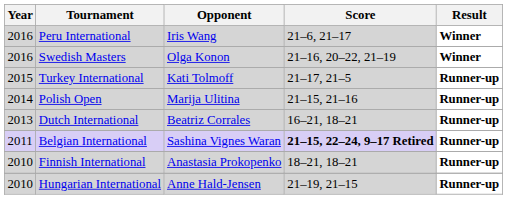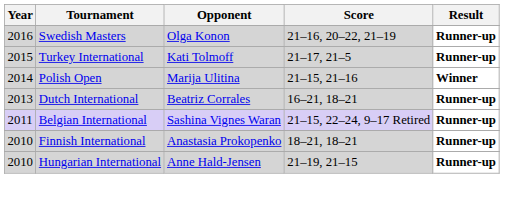 <table class="sortable wikitable" style="font-size: 95%;">
 <tr>
 <th>Year</th>
 <th>Tournament</th>
 <th>Opponent</th>
 <th>Score</th>
 <th>Result</th>
 </tr>
-<tr style="background:#D5D5D5">
-<td align="center">2016</td>
-<td align="left"><a href='#'>Peru International</a></td>
-<td align="left"><a href='#'>Iris Wang</a></td>
-<td align="left">21–6, 21–17</td>
-<td style="text-align:left; background:white"> <strong>Winner</strong></td>
-</tr>
 <tr>
 </tr>
 <tr style="background:#D5D5D5">
 <td align="center">2016</td>
 <td align="left"><a href='#'>Swedish Masters</a></td>
 <td align="left"> <a href='#'>Olga Konon</a></td>
 <td align="left">21–16, 20–22, 21–19</td>
-<td style="text-align:left; background:white"> <strong>Winner</strong></td>
+<td style="text-align:left; background:white"> <strong>Runner-up</strong></td>
 </tr>
 <tr>
 </tr>
 <tr style="background:#D5D5D5">
 <td align="center">2015</td>
 <td align="left"><a href='#'>Turkey International</a></td>
 <td align"left"> <a href='#'>Kati Tolmoff</a></td>
 <td align"left">21–17, 21–5</td>
 <td style="text-align:left; background:white"> <strong>Runner-up</strong></td>
 </tr>
 <tr>
 </tr>
 <tr style="background:#D5D5D5">
 <td align="center">2014</td>
 <td align="left"><a href='#'>Polish Open</a></td>
 <td align="left"> <a href='#'>Marija Ulitina</a></td>
 <td align="left">21–15, 21–16</td>
-<td style="text-align:left; background:white"> <strong>Runner-up</strong></td>
+<td style="text-align:left; background:white"> <strong>Winner</strong></td>
 </tr>
 <tr>
 </tr>
 <tr style="background:#D5D5D5">
 <td align="center">2013</td>
 <td align="left"><a href='#'>Dutch International</a></td>
 <td align="left"> <a href='#'>Beatriz Corrales</a></td>
 <td align="left">16–21, 18–21</td>
 <td style="text-align:left; background:white"> <strong>Runner-up</strong></td>
 </tr>
 <tr>
 </tr>
 <tr style="background:#D8CEF6">
 <td align="center">2011</td>
 <td align="left"><a href='#'>Belgian International</a></td>
 <td align="left"> <a href='#'>Sashina Vignes Waran</a></td>
-<td align="left"><strong>21–15, 22–24, 9–17 Retired</strong></td>
+<td align="left">21–15, 22–24, 9–17 Retired</td>
 <td style="text-align:left; background:white"> <strong>Runner-up</strong></td>
 </tr>
 <tr>
 </tr>
 <tr style="background:#D5D5D5">
 <td align="center">2010</td>
 <td align="left"><a href='#'>Finnish International</a></td>
 <td align="left"> <a href='#'>Anastasia Prokopenko</a></td>
 <td align="left">18–21, 18–21</td>
 <td style="text-align:left; background:white"> <strong>Runner-up</strong></td>
 </tr>
 <tr>
 </tr>
 <tr style="background:#D5D5D5">
 <td align="center">2010</td>
 <td align="left"><a href='#'>Hungarian International</a></td>
 <td align="left"> <a href='#'>Anne Hald-Jensen</a></td>
 <td align="left">21–19, 21–15</td>
 <td style="text-align:left; background:white"> <strong>Runner-up</strong></td>
 </tr>
 </table>
